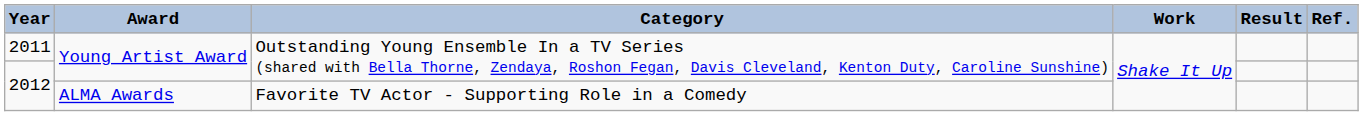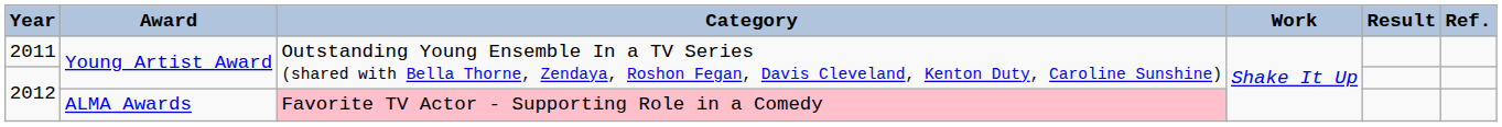 <table class="wikitable">
 <tr>
 <th style="background:#b0c4de;">Year</th>
 <th style="background:#b0c4de;">Award</th>
 <th style="background:#b0c4de;">Category</th>
 <th style="background:#b0c4de;">Work</th>
 <th style="background:#b0c4de;">Result</th>
 <th style="background:#b0c4de;">Ref.</th>
 </tr>
 <tr>
 <td>2011</td>
 <td rowspan=2><a href='#'>Young Artist Award</a></td>
 <td rowspan=2>Outstanding Young Ensemble In a TV Series<br><small>(shared with <a href='#'>Bella Thorne</a>, <a href='#'>Zendaya</a>, <a href='#'>Roshon Fegan</a>, <a href='#'>Davis Cleveland</a>, <a href='#'>Kenton Duty</a>, <a href='#'>Caroline Sunshine</a>)</small></td>
 <td rowspan=3><em><a href='#'>Shake It Up</a></em></td>
 <td></td>
 <td></td>
 </tr>
 <tr>
 <td rowspan=2>2012</td>
 <td></td>
 <td></td>
 </tr>
 <tr>
 <td><a href='#'>ALMA Awards</a></td>
-<td>Favorite TV Actor - Supporting Role in a Comedy</td>
+<td style="background: pink;">Favorite TV Actor - Supporting Role in a Comedy</td>
 <td></td>
 <td></td>
 </tr>
 </table>
